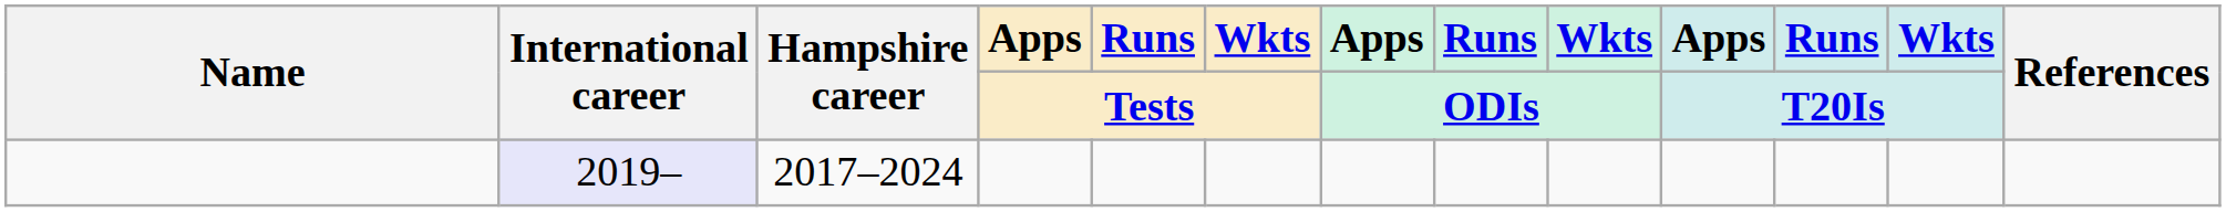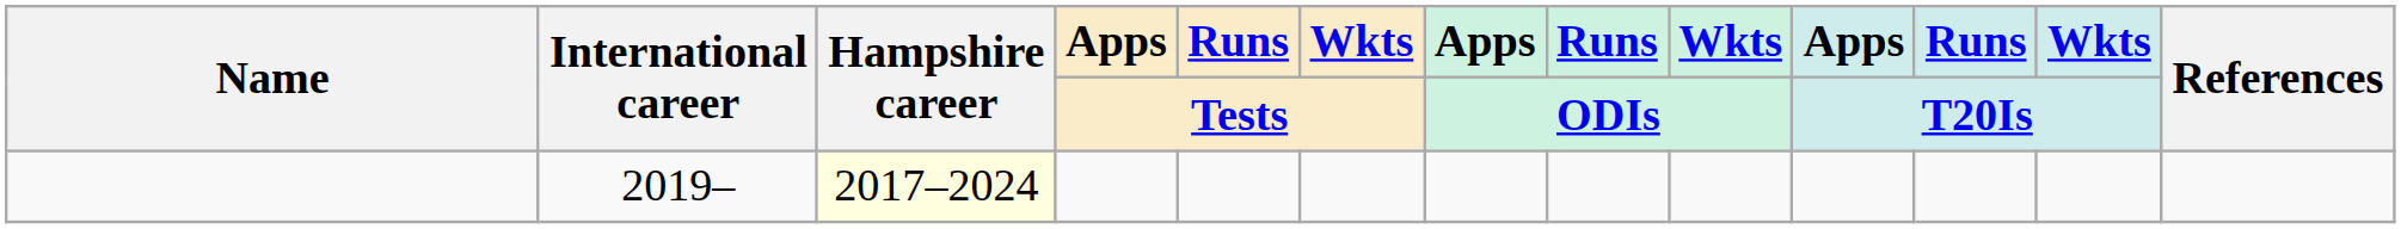 <table class="wikitable sortable" style="text-align: center;">
 <tr>
 <th style="width:180px" rowspan="2">Name</th>
 <th rowspan="2">International<br>career</th>
 <th rowspan="2">Hampshire<br>career</th>
 <th style="background:#faecc8">Apps</th>
 <th style="background:#faecc8"><a href='#'>Runs</a></th>
 <th style="background:#faecc8"><a href='#'>Wkts</a></th>
 <th style="background:#cef2e0">Apps</th>
 <th style="background:#cef2e0"><a href='#'>Runs</a></th>
 <th style="background:#cef2e0"><a href='#'>Wkts</a></th>
 <th style="background:#CFECEC">Apps</th>
 <th style="background:#CFECEC"><a href='#'>Runs</a></th>
 <th style="background:#CFECEC"><a href='#'>Wkts</a></th>
 <th class="unsortable" rowspan="2">References</th>
 </tr>
 <tr class="unsortable">
 <th colspan="3" style="background:#faecc8"><a href='#'>Tests</a></th>
 <th colspan="3" style="background:#cef2e0"><a href='#'>ODIs</a></th>
 <th colspan="3" style="background:#CFECEC"><a href='#'>T20Is</a></th>
 </tr>
 <tr>
 <td></td>
-<td style="background: lavender;">2019–</td>
-<td>2017–2024</td>
+<td>2019–</td>
+<td style="background: lightyellow;">2017–2024</td>
 <td></td>
 <td></td>
 <td></td>
 <td></td>
 <td></td>
 <td></td>
 <td></td>
 <td></td>
 <td></td>
 <td></td>
 </tr>
 </table>
